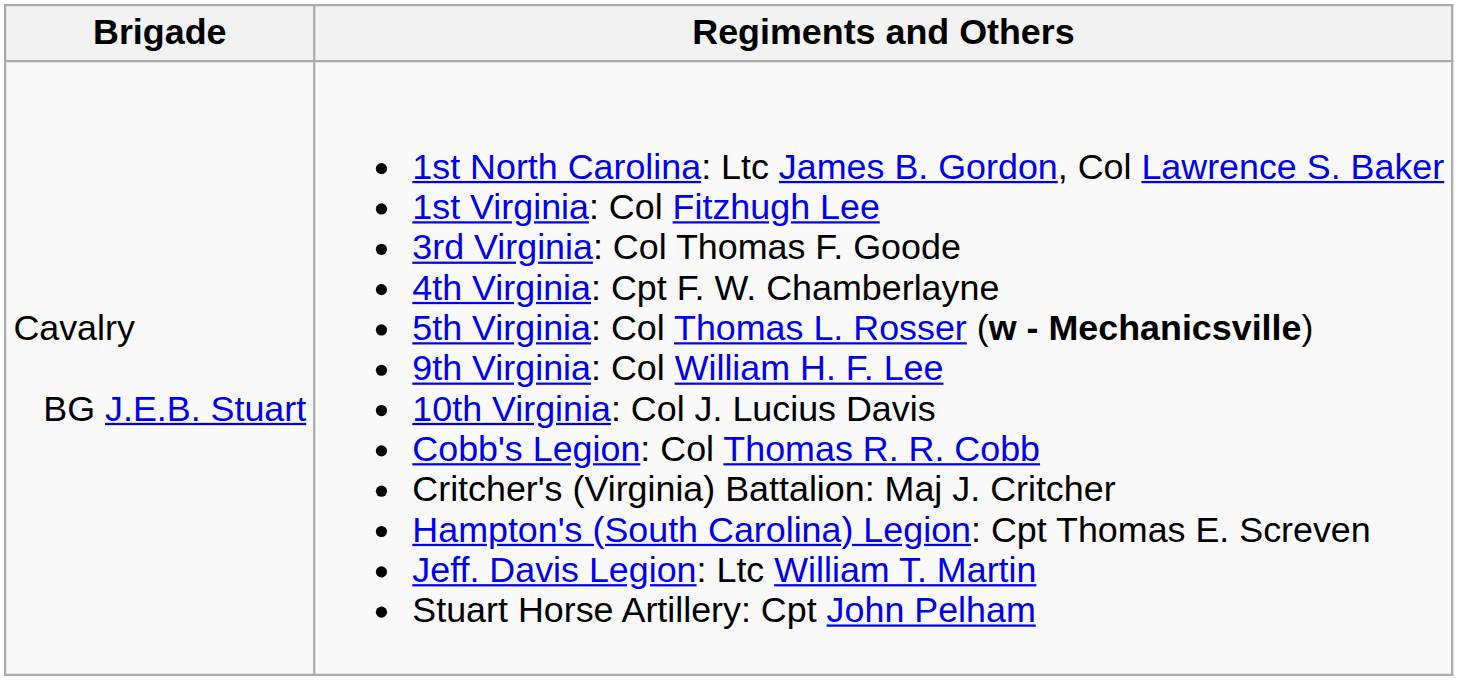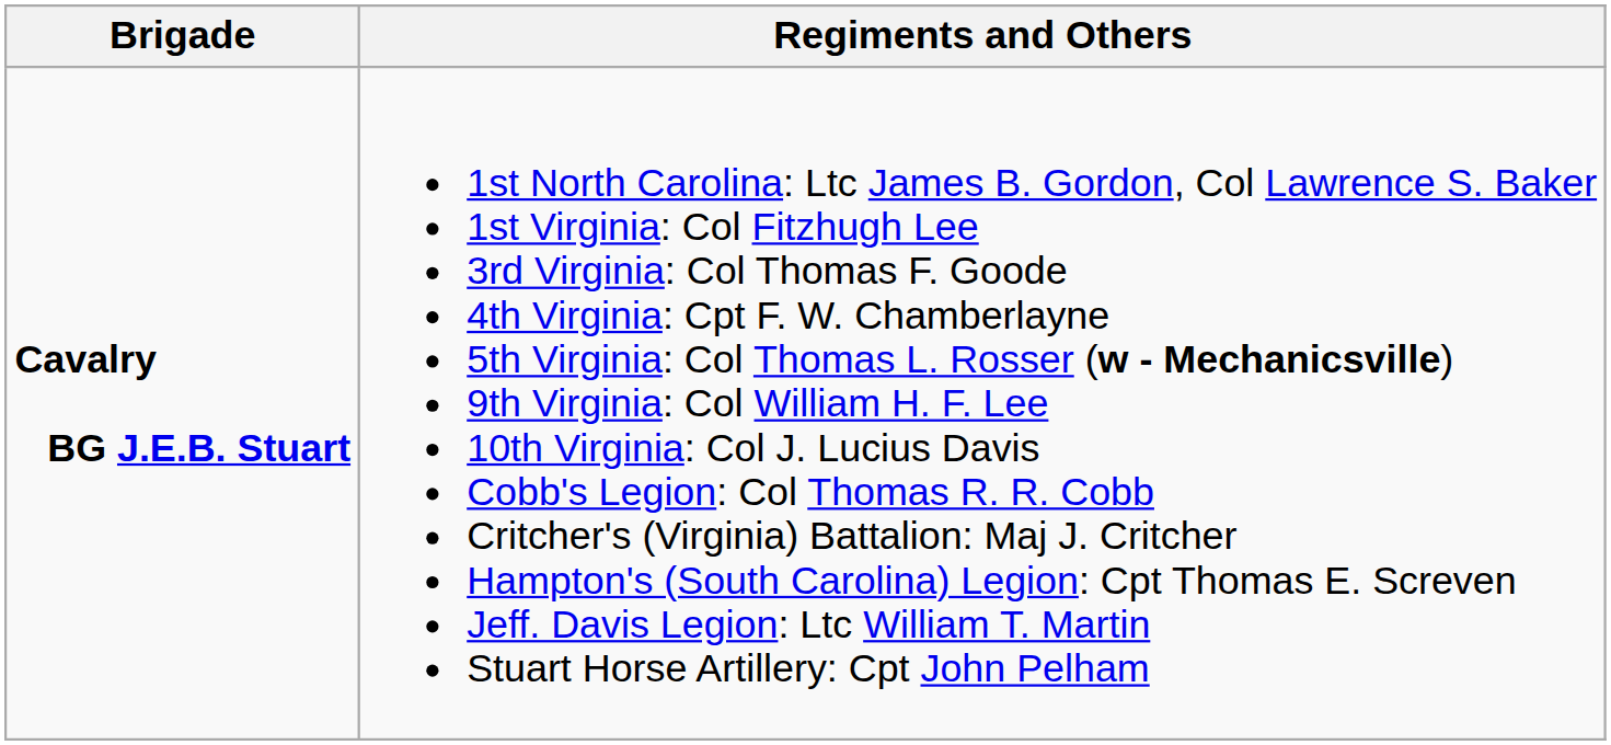 <table class="wikitable">
 <tr>
 <th><strong>Brigade</strong></th>
 <th><strong>Regiments and Others</strong></th>
 </tr>
 <tr>
-<td>Cavalry<br><br>   BG <a href='#'>J.E.B. Stuart</a></td>
+<td><strong>Cavalry<br><br>   BG <a href='#'>J.E.B. Stuart</a></strong></td>
 <td><br><ul><li><a href='#'>1st North Carolina</a>: Ltc <a href='#'>James B. Gordon</a>, Col <a href='#'>Lawrence S. Baker</a></li><li><a href='#'>1st Virginia</a>: Col <a href='#'>Fitzhugh Lee</a></li><li><a href='#'>3rd Virginia</a>: Col Thomas F. Goode</li><li><a href='#'>4th Virginia</a>: Cpt F. W. Chamberlayne</li><li><a href='#'>5th Virginia</a>: Col <a href='#'>Thomas L. Rosser</a> (<strong>w - Mechanicsville</strong>)</li><li><a href='#'>9th Virginia</a>: Col <a href='#'>William H. F. Lee</a></li><li><a href='#'>10th Virginia</a>: Col J. Lucius Davis</li><li><a href='#'>Cobb's Legion</a>: Col <a href='#'>Thomas R. R. Cobb</a></li><li>Critcher's (Virginia) Battalion: Maj J. Critcher</li><li><a href='#'>Hampton's (South Carolina) Legion</a>: Cpt Thomas E. Screven</li><li><a href='#'>Jeff. Davis Legion</a>: Ltc <a href='#'>William T. Martin</a></li><li>Stuart Horse Artillery: Cpt <a href='#'>John Pelham</a></li></ul></td>
 </tr>
 </table>
